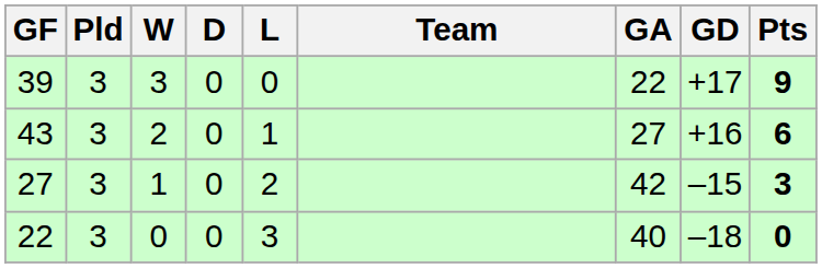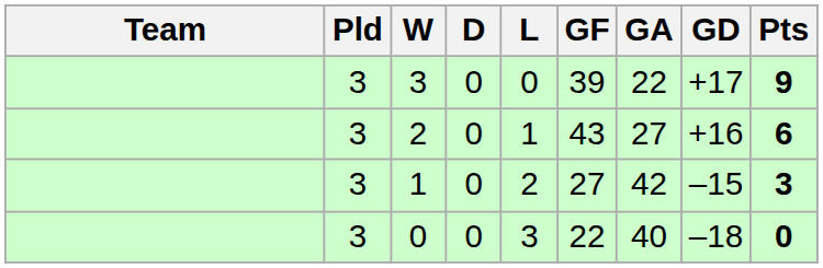 <table class="wikitable" style="text-align:center;">
 <tr>
-<th width=20>GF</th>
+<th width=150>Team</th>
 <th width=20>Pld</th>
 <th width=20>W</th>
 <th width=20>D</th>
 <th width=20>L</th>
-<th width=150>Team</th>
+<th width=20>GF</th>
 <th width=20>GA</th>
 <th width=20>GD</th>
 <th width=20>Pts</th>
 </tr>
 <tr bgcolor=#ccffcc>
-<td>39</td>
+<td align="left"></td>
 <td>3</td>
 <td>3</td>
 <td>0</td>
 <td>0</td>
-<td align="left"></td>
+<td>39</td>
 <td>22</td>
 <td>+17</td>
 <td><strong>9</strong></td>
 </tr>
 <tr bgcolor=#ccffcc>
-<td>43</td>
+<td align="left"></td>
 <td>3</td>
 <td>2</td>
 <td>0</td>
 <td>1</td>
-<td align="left"></td>
+<td>43</td>
 <td>27</td>
 <td>+16</td>
 <td><strong>6</strong></td>
 </tr>
 <tr bgcolor=#ccffcc>
-<td>27</td>
+<td align="left"></td>
 <td>3</td>
 <td>1</td>
 <td>0</td>
 <td>2</td>
-<td align="left"></td>
+<td>27</td>
 <td>42</td>
 <td>–15</td>
 <td><strong>3</strong></td>
 </tr>
 <tr bgcolor=#ccffcc>
-<td>22</td>
+<td align="left"></td>
 <td>3</td>
 <td>0</td>
 <td>0</td>
 <td>3</td>
-<td align="left"></td>
+<td>22</td>
 <td>40</td>
 <td>–18</td>
 <td><strong>0</strong></td>
 </tr>
 </table>
